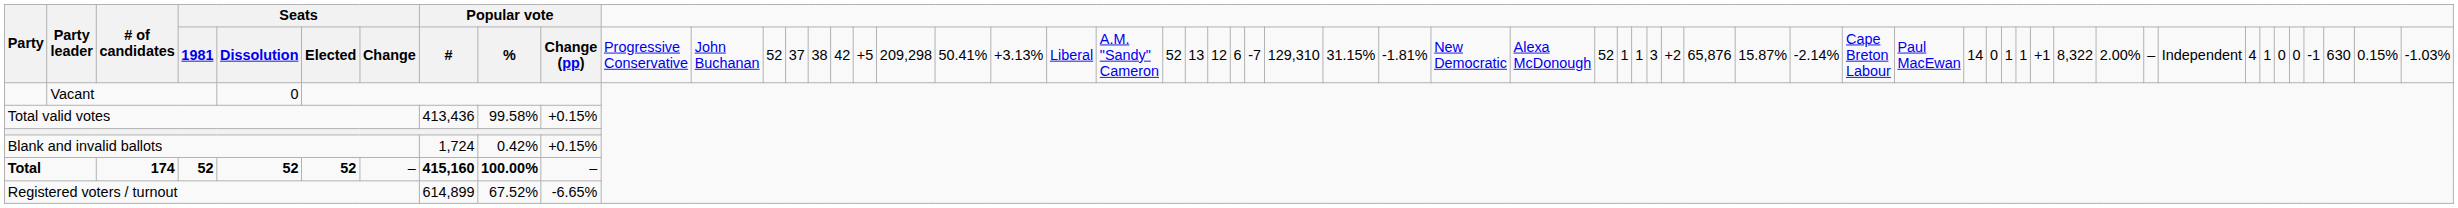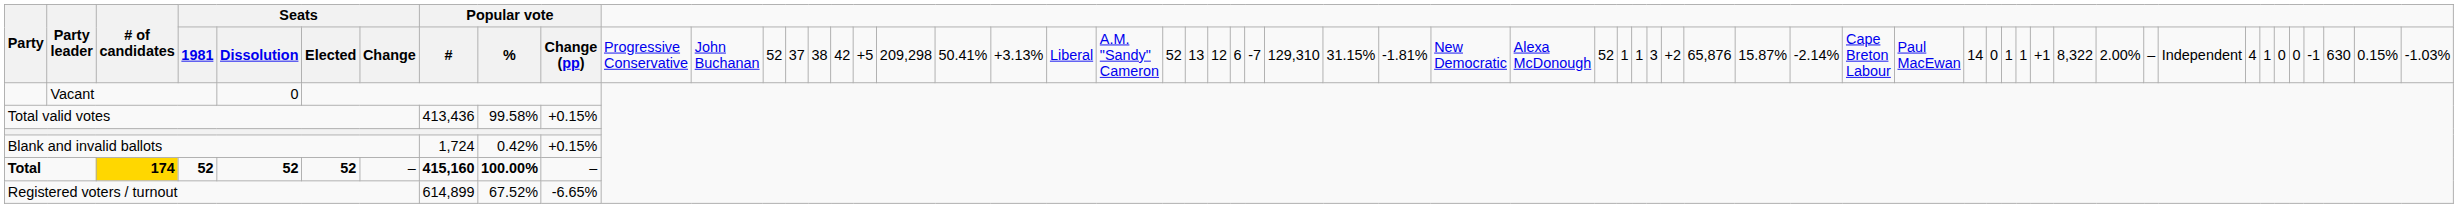 <table class="wikitable">
 <tr>
 <th rowspan="2" colspan="2">Party</th>
 <th rowspan="2">Party leader</th>
 <th rowspan="2"># of<br>candidates</th>
 <th colspan="4">Seats</th>
 <th colspan="3">Popular vote</th>
 </tr>
 <tr>
 <th><a href='#'>1981</a></th>
 <th><span><a href='#'>Dissolution</a></span></th>
 <th>Elected</th>
 <th>Change</th>
 <th>#</th>
 <th>%</th>
 <th>Change (<a href='#'>pp</a>)<br></th>
 <td><a href='#'>Progressive Conservative</a></td>
 <td><a href='#'>John Buchanan</a></td>
 <td align="right">52</td>
 <td align="right">37</td>
 <td align="right">38</td>
 <td align="right">42</td>
 <td align="right">+5</td>
 <td align="right">209,298</td>
 <td align="right">50.41%</td>
 <td align="right">+3.13%<br></td>
 <td><a href='#'>Liberal</a></td>
 <td><a href='#'>A.M. "Sandy" Cameron</a></td>
 <td align="right">52</td>
 <td align="right">13</td>
 <td align="right">12</td>
 <td align="right">6</td>
 <td align="right">-7</td>
 <td align="right">129,310</td>
 <td align="right">31.15%</td>
 <td align="right">-1.81%<br></td>
 <td><a href='#'>New Democratic</a></td>
 <td><a href='#'>Alexa McDonough</a></td>
 <td align="right">52</td>
 <td align="right">1</td>
 <td align="right">1</td>
 <td align="right">3</td>
 <td align="right">+2</td>
 <td align="right">65,876</td>
 <td align="right">15.87%</td>
 <td align="right">-2.14%<br></td>
 <td><a href='#'>Cape Breton Labour</a></td>
 <td><a href='#'>Paul MacEwan</a></td>
 <td align="right">14</td>
 <td align="right">0</td>
 <td align="right">1</td>
 <td align="right">1</td>
 <td align="right">+1</td>
 <td align="right">8,322</td>
 <td align="right">2.00%</td>
 <td align="right">–<br></td>
 <td colspan=2>Independent</td>
 <td align="right">4</td>
 <td align="right">1</td>
 <td align="right">0</td>
 <td align="right">0</td>
 <td align="right">-1</td>
 <td align="right">630</td>
 <td align="right">0.15%</td>
 <td align="right">-1.03%</td>
 </tr>
 <tr>
 <td> </td>
 <td colspan=4>Vacant</td>
 <td align="right">0</td>
 <td colspan=5> </td>
 </tr>
 <tr>
 <td colspan="8">Total valid votes</td>
 <td align="right">413,436</td>
 <td align="right">99.58%</td>
 <td align="right">+0.15%</td>
 </tr>
 <tr>
 <th colspan="11"></th>
 </tr>
 <tr>
 <td colspan="8">Blank and invalid ballots</td>
 <td align="right">1,724</td>
 <td align="right">0.42%</td>
 <td align="right">+0.15%</td>
 </tr>
 <tr>
 <td colspan=3><strong>Total</strong></td>
-<td align="right"><strong>174</strong></td>
+<td align="right" style="background: gold;"><strong>174</strong></td>
 <td align="right"><strong>52</strong></td>
 <td align="right"><strong>52</strong></td>
 <td align="right"><strong>52</strong></td>
 <td align="right">–</td>
 <td align="right"><strong>415,160</strong></td>
 <td align="right"><strong>100.00%</strong></td>
 <td align="right">–</td>
 </tr>
 <tr>
 <td colspan="8">Registered voters / turnout</td>
 <td align="right">614,899</td>
 <td align="right">67.52%</td>
 <td align="right">-6.65%</td>
 </tr>
 </table>
